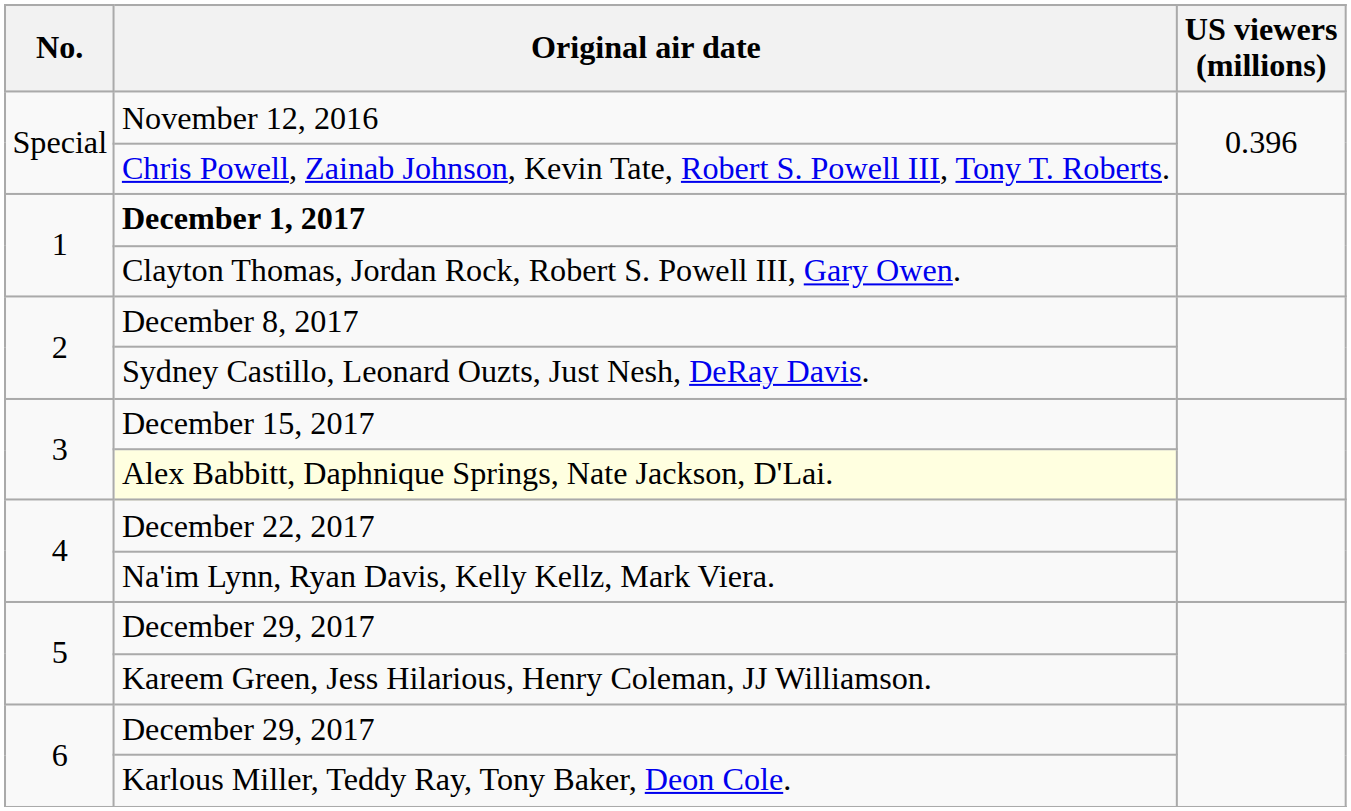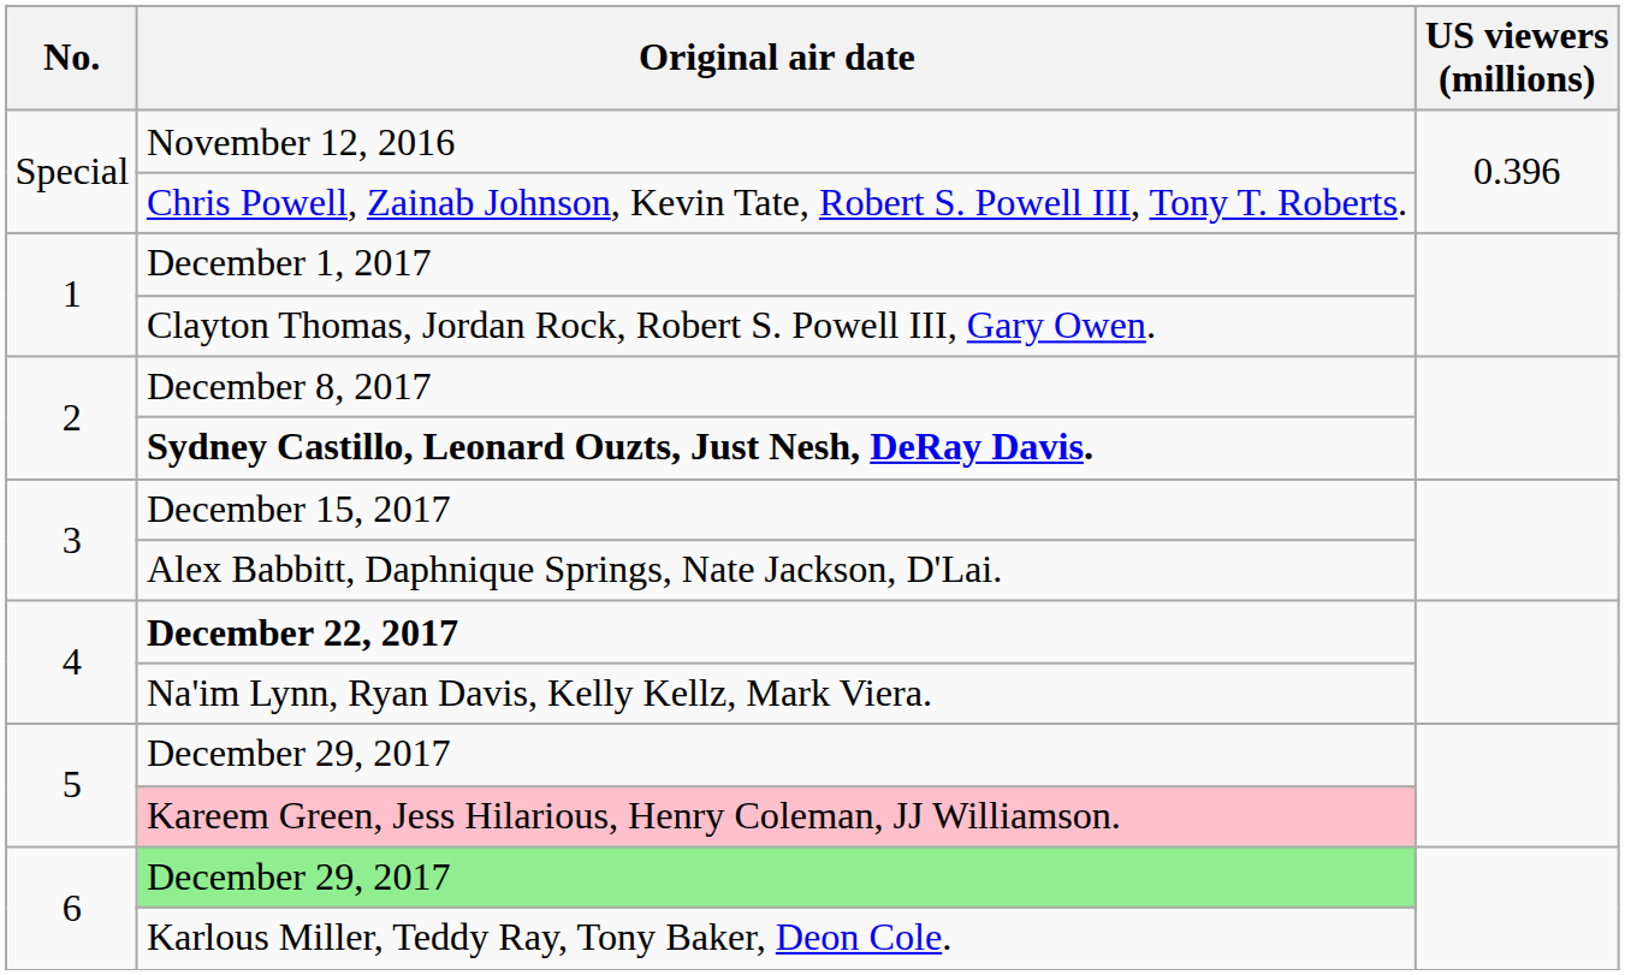 <table class="wikitable">
 <tr>
 <th>No.</th>
 <th>Original air date</th>
 <th>US viewers <br> (millions)</th>
 </tr>
 <tr>
 <td rowspan="2" align="center">Special</td>
 <td>November 12, 2016</td>
 <td rowspan="2" align="center">0.396</td>
 </tr>
 <tr>
 <td><a href='#'>Chris Powell</a>, <a href='#'>Zainab Johnson</a>, Kevin Tate, <a href='#'>Robert S. Powell III</a>, <a href='#'>Tony T. Roberts</a>.</td>
 </tr>
 <tr>
 <td rowspan="2" align="center">1</td>
-<td><strong>December 1, 2017</strong></td>
+<td>December 1, 2017</td>
 <td rowspan="2" align="center"></td>
 </tr>
 <tr>
 <td>Clayton Thomas, Jordan Rock, Robert S. Powell III, <a href='#'>Gary Owen</a>.</td>
 </tr>
 <tr>
 <td rowspan="2" align="center">2</td>
 <td>December 8, 2017</td>
 <td rowspan="2" align="center"></td>
 </tr>
 <tr>
-<td>Sydney Castillo, Leonard Ouzts, Just Nesh, <a href='#'>DeRay Davis</a>.</td>
+<td><strong>Sydney Castillo, Leonard Ouzts, Just Nesh, <a href='#'>DeRay Davis</a>.</strong></td>
 </tr>
 <tr>
 <td rowspan="2" align="center">3</td>
 <td>December 15, 2017</td>
 <td rowspan="2" align="center"></td>
 </tr>
 <tr>
-<td style="background: lightyellow;">Alex Babbitt, Daphnique Springs, Nate Jackson, D'Lai.</td>
+<td>Alex Babbitt, Daphnique Springs, Nate Jackson, D'Lai.</td>
 </tr>
 <tr>
 <td rowspan="2" align="center">4</td>
-<td>December 22, 2017</td>
+<td><strong>December 22, 2017</strong></td>
 <td rowspan="2" align="center"></td>
 </tr>
 <tr>
 <td>Na'im Lynn, Ryan Davis, Kelly Kellz, Mark Viera.</td>
 </tr>
 <tr>
 <td rowspan="2" align="center">5</td>
 <td>December 29, 2017</td>
 <td rowspan="2" align="center"></td>
 </tr>
 <tr>
-<td>Kareem Green, Jess Hilarious, Henry Coleman, JJ Williamson.</td>
+<td style="background: pink;">Kareem Green, Jess Hilarious, Henry Coleman, JJ Williamson.</td>
 </tr>
 <tr>
 <td rowspan="2" align="center">6</td>
-<td>December 29, 2017</td>
+<td style="background: lightgreen;">December 29, 2017</td>
 <td rowspan="2" align="center"></td>
 </tr>
 <tr>
 <td>Karlous Miller, Teddy Ray, Tony Baker, <a href='#'>Deon Cole</a>.</td>
 </tr>
 <tr>
 </tr>
 </table>
